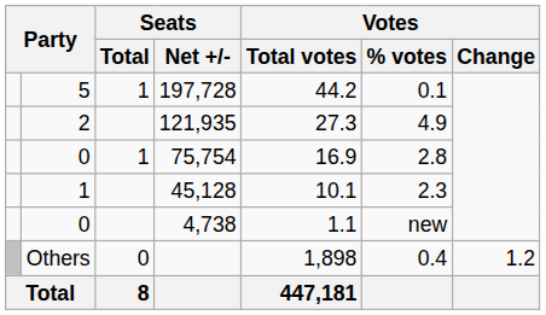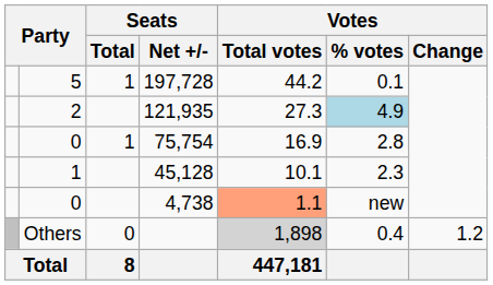 <table class="wikitable" style="text-align:right; font-size:95%;">
 <tr>
 <th colspan="2" rowspan="2">Party</th>
 <th colspan="2">Seats</th>
 <th colspan="3">Votes</th>
 </tr>
 <tr>
 <th>Total</th>
 <th>Net +/-</th>
 <th>Total votes</th>
 <th>% votes</th>
 <th>Change</th>
 </tr>
 <tr>
 <td></td>
 <td>5</td>
 <td>1</td>
 <td>197,728</td>
 <td>44.2</td>
 <td>0.1</td>
 </tr>
 <tr>
 <td></td>
 <td>2</td>
 <td></td>
 <td>121,935</td>
 <td>27.3</td>
-<td>4.9</td>
+<td style="background: lightblue;">4.9</td>
 </tr>
 <tr>
 <td></td>
 <td>0</td>
 <td>1</td>
 <td>75,754</td>
 <td>16.9</td>
 <td>2.8</td>
 </tr>
 <tr>
 <td></td>
 <td>1</td>
 <td></td>
 <td>45,128</td>
 <td>10.1</td>
 <td>2.3</td>
 </tr>
 <tr>
 <td></td>
 <td>0</td>
 <td></td>
 <td>4,738</td>
-<td>1.1</td>
+<td style="background: lightsalmon;">1.1</td>
 <td>new</td>
 </tr>
 <tr>
 <td style="background:silver;"> </td>
 <td align=left>Others</td>
 <td>0</td>
 <td></td>
-<td>1,898</td>
+<td style="background: lightgrey;">1,898</td>
 <td>0.4</td>
 <td>1.2</td>
 </tr>
 <tr>
 <th colspan="2" style="background:#f2f2f2">Total</th>
 <td style="background:#f2f2f2;"><strong>8</strong></td>
 <td style="background:#f2f2f2;"></td>
 <td style="background:#f2f2f2;"><strong>447,181</strong></td>
 <td style="background:#f2f2f2;"></td>
 <td style="background:#f2f2f2;"></td>
 </tr>
 </table>
